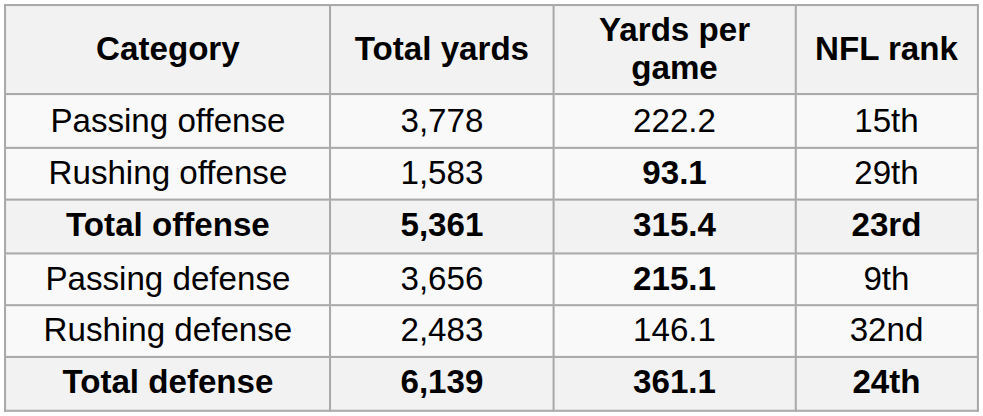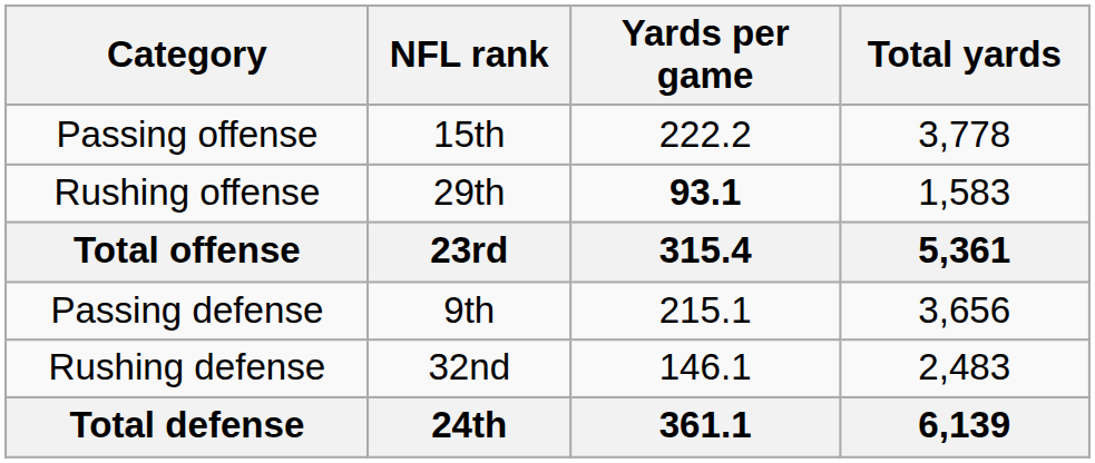 <table class="wikitable" style="text-align:center">
 <tr>
 <th width="150">Category</th>
+<th width="80">NFL rank<br></th>
+<th width="110">Yards per game</th>
 <th width="100">Total yards</th>
-<th width="110">Yards per game</th>
-<th width="80">NFL rank<br></th>
 </tr>
 <tr>
 <td>Passing offense</td>
+<td>15th</td>
+<td>222.2</td>
 <td>3,778</td>
-<td>222.2</td>
-<td>15th</td>
 </tr>
 <tr>
 <td>Rushing offense</td>
+<td>29th</td>
+<td><strong>93.1</strong></td>
 <td>1,583</td>
-<td><strong>93.1</strong></td>
-<td>29th</td>
 </tr>
 <tr>
 <th>Total offense</th>
+<th>23rd</th>
+<th>315.4</th>
 <th>5,361</th>
-<th>315.4</th>
-<th>23rd</th>
 </tr>
 <tr>
 <td>Passing defense</td>
+<td>9th</td>
+<td>215.1</td>
 <td>3,656</td>
-<td><strong>215.1</strong></td>
-<td>9th</td>
 </tr>
 <tr>
 <td>Rushing defense</td>
+<td>32nd</td>
+<td>146.1</td>
 <td>2,483</td>
-<td>146.1</td>
-<td>32nd</td>
 </tr>
 <tr>
 <th>Total defense</th>
+<th>24th</th>
+<th>361.1</th>
 <th>6,139</th>
-<th>361.1</th>
-<th>24th</th>
 </tr>
 </table>
